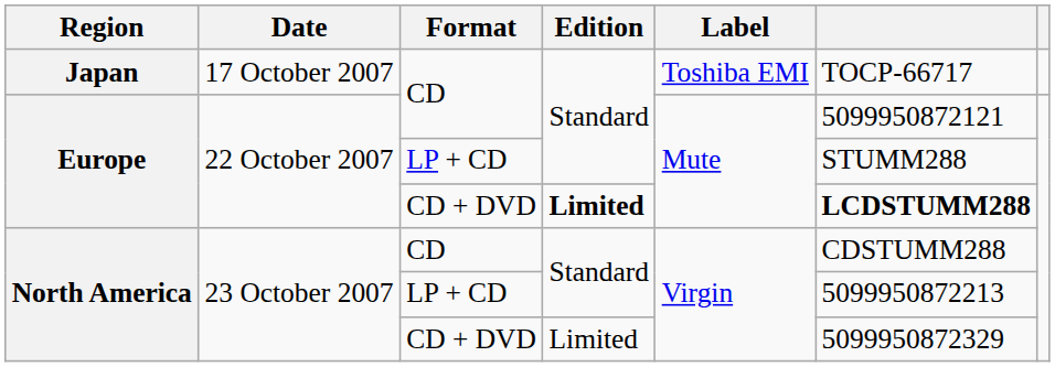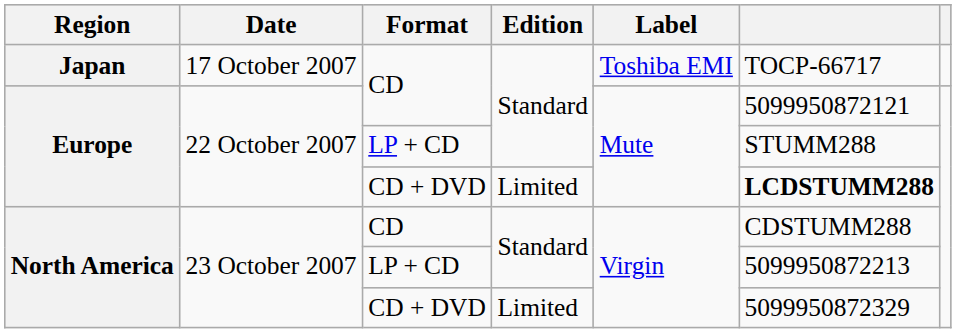 <table class="wikitable plainrowheaders">
 <tr>
 <th scope="col">Region</th>
 <th scope="col">Date</th>
 <th scope="col">Format</th>
 <th scope="col">Edition</th>
 <th scope="col">Label</th>
 <th scope="col"></th>
 <th scope="col"></th>
 </tr>
 <tr>
 <th scope="row">Japan</th>
 <td>17 October 2007</td>
 <td rowspan="2">CD</td>
 <td rowspan="3">Standard</td>
 <td><a href='#'>Toshiba EMI</a></td>
 <td>TOCP-66717</td>
 <td></td>
 </tr>
 <tr>
 <th scope="row" rowspan="3">Europe</th>
 <td rowspan="3">22 October 2007</td>
 <td rowspan="3"><a href='#'>Mute</a></td>
 <td>5099950872121</td>
 <td rowspan="6"></td>
 </tr>
 <tr>
 <td><a href='#'>LP</a> + CD</td>
 <td>STUMM288</td>
 </tr>
 <tr>
 <td>CD + DVD</td>
-<td><strong>Limited</strong></td>
+<td>Limited</td>
 <td><strong>LCDSTUMM288</strong></td>
 </tr>
 <tr>
 <th scope="row" rowspan="3">North America</th>
 <td rowspan="3">23 October 2007</td>
 <td>CD</td>
 <td rowspan="2">Standard</td>
 <td rowspan="3"><a href='#'>Virgin</a></td>
 <td>CDSTUMM288</td>
 </tr>
 <tr>
 <td>LP + CD</td>
 <td>5099950872213</td>
 </tr>
 <tr>
 <td>CD + DVD</td>
 <td>Limited</td>
 <td>5099950872329</td>
 </tr>
 </table>
